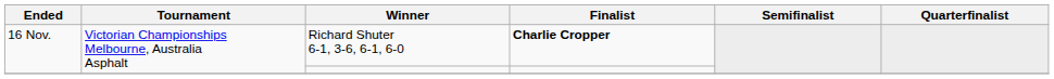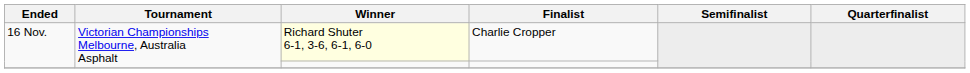 <table class="wikitable" style="font-size:85%;">
 <tr>
 <th width="75">Ended</th>
 <th width="230">Tournament</th>
 <th width="210">Winner</th>
 <th width="210">Finalist</th>
 <th width="170">Semifinalist</th>
 <th width="170">Quarterfinalist</th>
 </tr>
 <tr valign=top>
 <td rowspan=2>16 Nov.</td>
 <td rowspan=2><a href='#'>Victorian Championships</a><br><a href='#'>Melbourne</a>, Australia<br>Asphalt</td>
-<td> Richard Shuter<br>6-1, 3-6, 6-1, 6-0</td>
-<td><strong> Charlie Cropper</strong></td>
+<td style="background: lightyellow;"> Richard Shuter<br>6-1, 3-6, 6-1, 6-0</td>
+<td> Charlie Cropper</td>
 <td style="background:#ededed;" rowspan=2></td>
 <td style="background:#ededed;" rowspan=2></td>
 </tr>
 <tr valign=top>
 <td></td>
 <td></td>
 </tr>
 <tr valign=top>
 </tr>
 </table>
